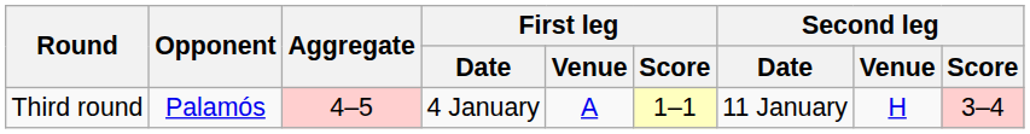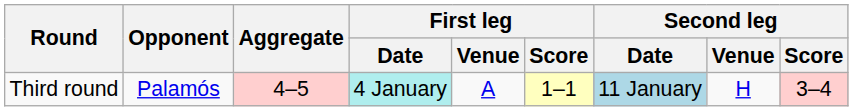 <table class="wikitable" style="text-align:center;">
 <tr>
 <th rowspan="2">Round</th>
 <th rowspan="2">Opponent</th>
 <th rowspan="2">Aggregate</th>
 <th colspan="3">First leg</th>
 <th colspan="3">Second leg</th>
 </tr>
 <tr>
 <th>Date</th>
 <th>Venue</th>
 <th>Score</th>
 <th>Date</th>
 <th>Venue</th>
 <th>Score</th>
 </tr>
 <tr>
 <td>Third round</td>
 <td><a href='#'>Palamós</a></td>
 <td bgcolor="#FFCFCF">4–5</td>
-<td>4 January</td>
+<td style="background: paleturquoise;">4 January</td>
 <td><a href='#'>A</a></td>
 <td bgcolor="#FFFFBF">1–1</td>
-<td>11 January</td>
+<td style="background: lightblue;">11 January</td>
 <td><a href='#'>H</a></td>
 <td bgcolor="FFCFCF">3–4</td>
 </tr>
 </table>
